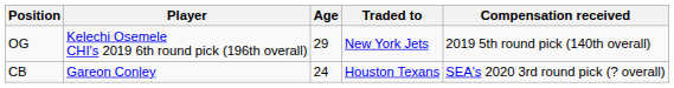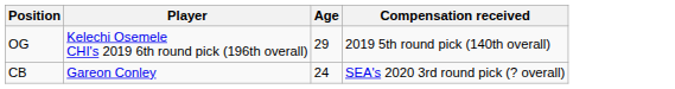 <table class="wikitable">
 <tr>
 <th>Position</th>
 <th>Player</th>
 <th>Age</th>
-<th>Traded to</th>
 <th>Compensation received</th>
 </tr>
 <tr>
 <td>OG</td>
 <td><a href='#'>Kelechi Osemele</a><br> <a href='#'>CHI's</a> 2019 6th round pick (196th overall)</td>
 <td>29</td>
-<td><a href='#'>New York Jets</a></td>
 <td>2019 5th round pick (140th overall)</td>
 </tr>
 <tr>
 <td>CB</td>
 <td><a href='#'>Gareon Conley</a></td>
 <td>24</td>
-<td><a href='#'>Houston Texans</a></td>
 <td><a href='#'>SEA's</a> 2020 3rd round pick (? overall)</td>
 </tr>
 </table>
